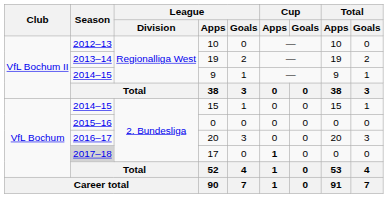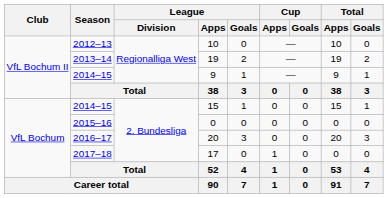 <table class="wikitable" style="text-align:center">
 <tr>
 <th rowspan="2">Club</th>
 <th rowspan="2">Season</th>
 <th colspan="3">League</th>
 <th colspan="2">Cup</th>
 <th colspan="2">Total</th>
 </tr>
 <tr>
 <th>Division</th>
 <th>Apps</th>
 <th>Goals</th>
 <th>Apps</th>
 <th>Goals</th>
 <th>Apps</th>
 <th>Goals</th>
 </tr>
 <tr>
 <td rowspan="4"><a href='#'>VfL Bochum II</a></td>
 <td><a href='#'>2012–13</a></td>
 <td rowspan="3"><a href='#'>Regionalliga West</a></td>
 <td>10</td>
 <td>0</td>
 <td colspan="2">—</td>
 <td>10</td>
 <td>0</td>
 </tr>
 <tr>
 <td><a href='#'>2013–14</a></td>
 <td>19</td>
 <td>2</td>
 <td colspan="2">—</td>
 <td>19</td>
 <td>2</td>
 </tr>
 <tr>
 <td><a href='#'>2014–15</a></td>
 <td>9</td>
 <td>1</td>
 <td colspan="2">—</td>
 <td>9</td>
 <td>1</td>
 </tr>
 <tr>
 <th colspan="2">Total</th>
 <th>38</th>
 <th>3</th>
 <th>0</th>
 <th>0</th>
 <th>38</th>
 <th>3</th>
 </tr>
 <tr>
 <td rowspan="5"><a href='#'>VfL Bochum</a></td>
 <td><a href='#'>2014–15</a></td>
 <td rowspan="4"><a href='#'>2. Bundesliga</a></td>
 <td>15</td>
 <td>1</td>
 <td>0</td>
 <td>0</td>
 <td>15</td>
 <td>1</td>
 </tr>
 <tr>
 <td><a href='#'>2015–16</a></td>
 <td>0</td>
 <td>0</td>
 <td>0</td>
 <td>0</td>
 <td>0</td>
 <td>0</td>
 </tr>
 <tr>
 <td><a href='#'>2016–17</a></td>
 <td>20</td>
 <td>3</td>
 <td>0</td>
 <td>0</td>
 <td>20</td>
 <td>3</td>
 </tr>
 <tr>
-<td style="background: lightgrey;"><a href='#'>2017–18</a></td>
+<td><a href='#'>2017–18</a></td>
 <td>17</td>
 <td>0</td>
-<td><strong>1</strong></td>
+<td>1</td>
 <td>0</td>
 <td>0</td>
 <td>0</td>
 </tr>
 <tr>
 <th colspan="2">Total</th>
 <th>52</th>
 <th>4</th>
 <th>1</th>
 <th>0</th>
 <th>53</th>
 <th>4</th>
 </tr>
 <tr>
 <th colspan="3">Career total</th>
 <th>90</th>
 <th>7</th>
 <th>1</th>
 <th>0</th>
 <th>91</th>
 <th>7</th>
 </tr>
 </table>
